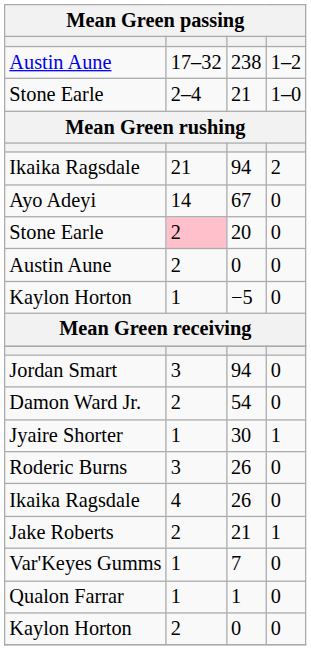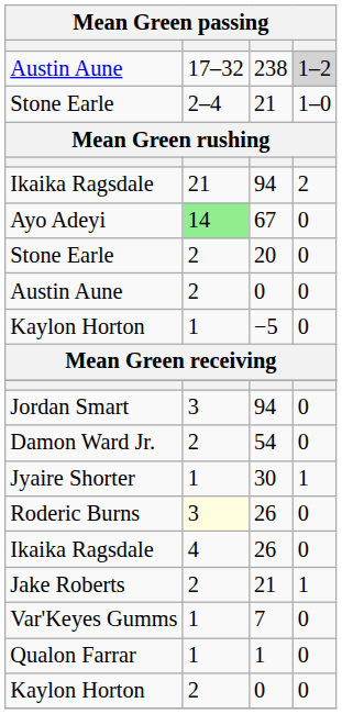 <table class="wikitable plainrowheaders">
 <tr>
 <th colspan="6">Mean Green passing</th>
 </tr>
 <tr>
 <th scope="col"></th>
 <th scope="col"></th>
 <th scope="col"></th>
 <th scope="col"></th>
 </tr>
 <tr>
 <td><a href='#'>Austin Aune</a></td>
 <td>17–32</td>
 <td>238</td>
-<td>1–2</td>
+<td style="background: lightgrey;">1–2</td>
 </tr>
 <tr>
 <td>Stone Earle</td>
 <td>2–4</td>
 <td>21</td>
 <td>1–0</td>
 </tr>
 <tr>
 <th colspan="6">Mean Green rushing</th>
 </tr>
 <tr>
 <th scope="col"></th>
 <th scope="col"></th>
 <th scope="col"></th>
 <th scope="col"></th>
 </tr>
 <tr>
 <td>Ikaika Ragsdale</td>
 <td>21</td>
 <td>94</td>
 <td>2</td>
 </tr>
 <tr>
 <td>Ayo Adeyi</td>
-<td>14</td>
+<td style="background: lightgreen;">14</td>
 <td>67</td>
 <td>0</td>
 </tr>
 <tr>
 <td>Stone Earle</td>
-<td style="background: pink;">2</td>
+<td>2</td>
 <td>20</td>
 <td>0</td>
 </tr>
 <tr>
 <td>Austin Aune</td>
 <td>2</td>
 <td>0</td>
 <td>0</td>
 </tr>
 <tr>
 <td>Kaylon Horton</td>
 <td>1</td>
 <td>−5</td>
 <td>0</td>
 </tr>
 <tr>
 <th colspan="6">Mean Green receiving</th>
 </tr>
 <tr>
 </tr>
 <tr>
 <th scope="col"></th>
 <th scope="col"></th>
 <th scope="col"></th>
 <th scope="col"></th>
 </tr>
 <tr>
 <td>Jordan Smart</td>
 <td>3</td>
 <td>94</td>
 <td>0</td>
 </tr>
 <tr>
 <td>Damon Ward Jr.</td>
 <td>2</td>
 <td>54</td>
 <td>0</td>
 </tr>
 <tr>
 <td>Jyaire Shorter</td>
 <td>1</td>
 <td>30</td>
 <td>1</td>
 </tr>
 <tr>
 <td>Roderic Burns</td>
-<td>3</td>
+<td style="background: lightyellow;">3</td>
 <td>26</td>
 <td>0</td>
 </tr>
 <tr>
 <td>Ikaika Ragsdale</td>
 <td>4</td>
 <td>26</td>
 <td>0</td>
 </tr>
 <tr>
 <td>Jake Roberts</td>
 <td>2</td>
 <td>21</td>
 <td>1</td>
 </tr>
 <tr>
 <td>Var'Keyes Gumms</td>
 <td>1</td>
 <td>7</td>
 <td>0</td>
 </tr>
 <tr>
 <td>Qualon Farrar</td>
 <td>1</td>
 <td>1</td>
 <td>0</td>
 </tr>
 <tr>
 <td>Kaylon Horton</td>
 <td>2</td>
 <td>0</td>
 <td>0</td>
 </tr>
 <tr>
 </tr>
 </table>
